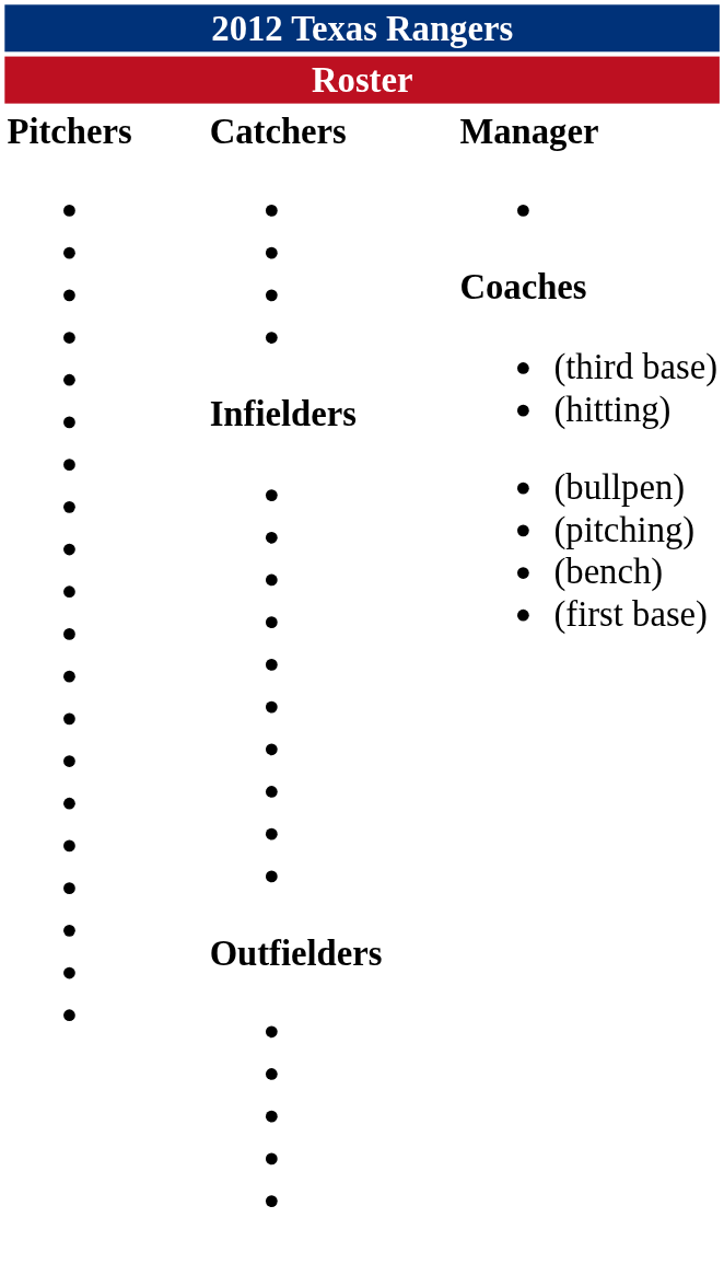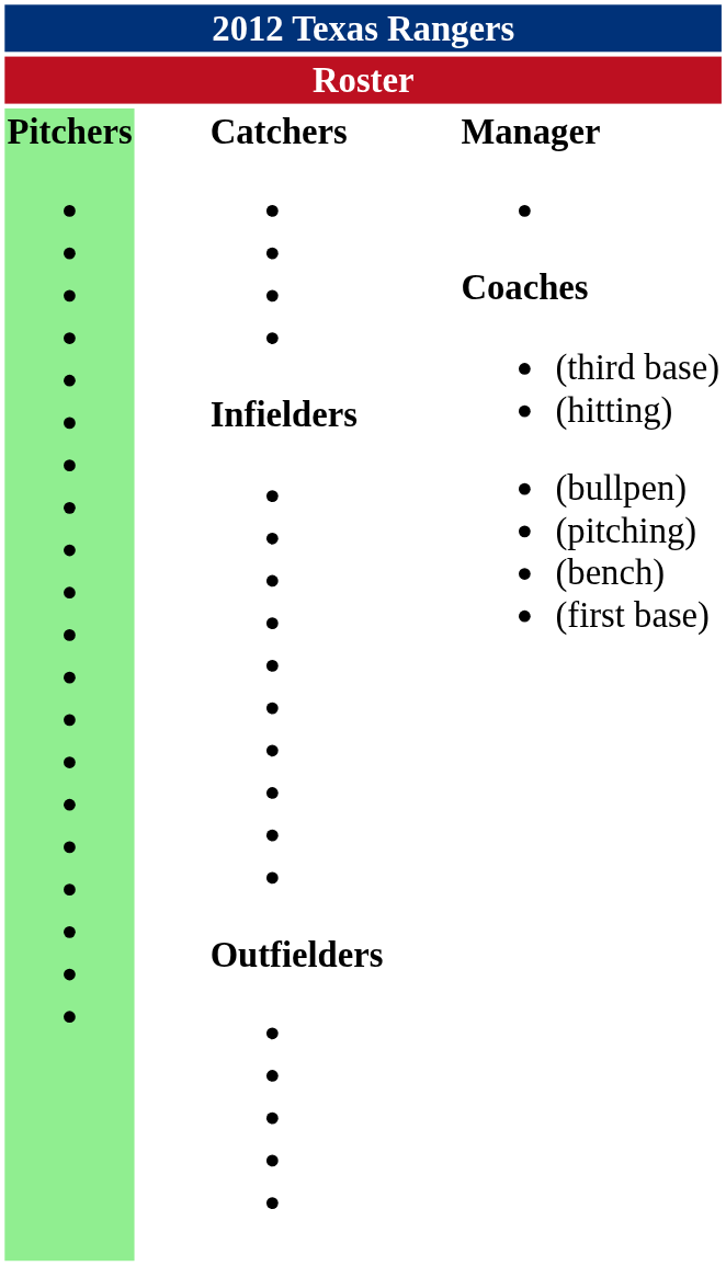 <table class="toccolours" style="font-size: 95%;">
 <tr>
 <th colspan="10" style="background:#003279; color:#fff; text-align:center;">2012 Texas Rangers</th>
 </tr>
 <tr>
 <td colspan="10" style="background:#bd1021; color:white; text-align:center;"><strong>Roster</strong></td>
 </tr>
 <tr>
-<td valign="top"><strong>Pitchers</strong><br><ul><li></li><li></li><li></li><li></li><li></li><li></li><li></li><li></li><li></li><li></li><li></li><li></li><li></li><li></li><li></li><li></li><li></li><li></li><li></li><li></li></ul></td>
+<td valign="top" style="background: lightgreen;"><strong>Pitchers</strong><br><ul><li></li><li></li><li></li><li></li><li></li><li></li><li></li><li></li><li></li><li></li><li></li><li></li><li></li><li></li><li></li><li></li><li></li><li></li><li></li><li></li></ul></td>
 <td style="width:25px;"></td>
 <td valign="top"><strong>Catchers</strong><br><ul><li></li><li></li><li></li><li></li></ul><strong>Infielders</strong><ul><li></li><li></li><li></li><li></li><li></li><li></li><li></li><li></li><li></li><li></li></ul><strong>Outfielders</strong><ul><li></li><li></li><li></li><li></li><li></li></ul></td>
 <td style="width:25px;"></td>
 <td valign="top"><strong>Manager</strong><br><ul><li></li></ul><strong>Coaches</strong><ul><li> (third base)</li><li> (hitting)</li></ul> <ul><li> (bullpen)</li><li>  (pitching)</li><li> (bench)</li><li> (first base)</li></ul></td>
 </tr>
 </table>
